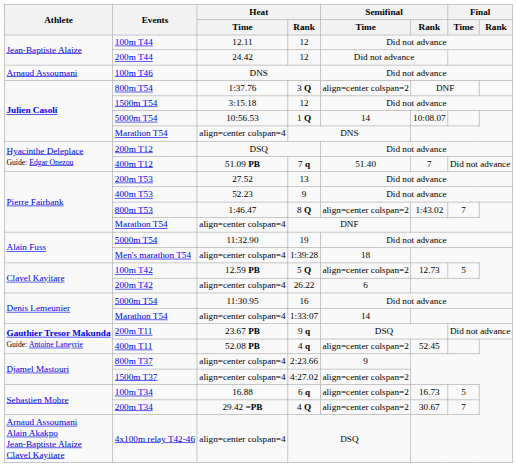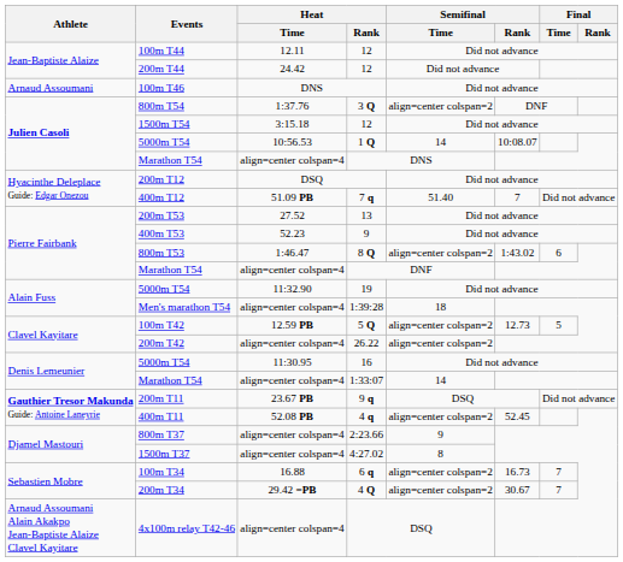 <table class=wikitable style="font-size:90%">
 <tr>
 <th rowspan="2">Athlete</th>
 <th rowspan="2">Events</th>
 <th colspan="2">Heat</th>
 <th colspan="2">Semifinal</th>
 <th colspan="2">Final</th>
 </tr>
 <tr>
 <th>Time</th>
 <th>Rank</th>
 <th>Time</th>
 <th>Rank</th>
 <th>Time</th>
 <th>Rank</th>
 </tr>
 <tr>
 <td align=left rowspan=2><a href='#'>Jean-Baptiste Alaize</a></td>
 <td align=left><a href='#'>100m T44</a></td>
 <td align=center>12.11</td>
 <td align=center>12</td>
 <td align=center colspan=4>Did not advance</td>
 </tr>
 <tr>
 <td align=left><a href='#'>200m T44</a></td>
 <td align=center>24.42</td>
 <td align=center>12</td>
 <td align=center colspan=2>Did not advance</td>
 </tr>
 <tr>
 <td align=left><a href='#'>Arnaud Assoumani</a></td>
 <td align=left><a href='#'>100m T46</a></td>
 <td align=center colspan=2>DNS</td>
 <td align=center colspan=4>Did not advance</td>
 </tr>
 <tr>
 <td align=left rowspan=4><strong><a href='#'>Julien Casoli</a></strong></td>
 <td align=left><a href='#'>800m T54</a></td>
 <td align=center>1:37.76</td>
 <td align=center>3 <strong>Q</strong></td>
 <td>align=center colspan=2 </td>
 <td align=center colspan=2>DNF</td>
 </tr>
 <tr>
 <td align=left><a href='#'>1500m T54</a></td>
 <td align=center>3:15.18</td>
 <td align=center>12</td>
 <td align=center colspan=4>Did not advance</td>
 </tr>
 <tr>
 <td align=left><a href='#'>5000m T54</a></td>
 <td align=center>10:56.53</td>
 <td align=center>1 <strong>Q</strong></td>
 <td align=center>14</td>
 <td align=center>10:08.07</td>
 <td align=center></td>
 </tr>
 <tr>
 <td align=left><a href='#'>Marathon T54</a></td>
 <td>align=center colspan=4 </td>
 <td align=center colspan=2>DNS</td>
 </tr>
 <tr>
 <td align=left rowspan=2><a href='#'>Hyacinthe Deleplace</a><br><small>Guide: <a href='#'>Edgar Onezou</a></small></td>
 <td align=left><a href='#'>200m T12</a></td>
 <td align=center colspan=2>DSQ</td>
 <td align=center colspan=4>Did not advance</td>
 </tr>
 <tr>
 <td align=left><a href='#'>400m T12</a></td>
 <td align=center>51.09 <strong>PB</strong></td>
 <td align=center>7 <strong>q</strong></td>
 <td align=center>51.40</td>
 <td align=center>7</td>
 <td align=center colspan=2>Did not advance</td>
 </tr>
 <tr>
 <td align=left rowspan=4><a href='#'>Pierre Fairbank</a></td>
 <td align=left><a href='#'>200m T53</a></td>
 <td align=center>27.52</td>
 <td align=center>13</td>
 <td align=center colspan=4>Did not advance</td>
 </tr>
 <tr>
 <td align=left><a href='#'>400m T53</a></td>
 <td align=center>52.23</td>
 <td align=center>9</td>
 <td align=center colspan=4>Did not advance</td>
 </tr>
 <tr>
 <td align=left><a href='#'>800m T53</a></td>
 <td align=center>1:46.47</td>
 <td align=center>8 <strong>Q</strong></td>
 <td>align=center colspan=2 </td>
 <td align=center>1:43.02</td>
-<td align=center>7</td>
+<td align=center>6</td>
 </tr>
 <tr>
 <td align=left><a href='#'>Marathon T54</a></td>
 <td>align=center colspan=4 </td>
 <td align=center colspan=2>DNF</td>
 </tr>
 <tr>
 <td align=left rowspan=2><a href='#'>Alain Fuss</a></td>
 <td align=left><a href='#'>5000m T54</a></td>
 <td align=center>11:32.90</td>
 <td align=center>19</td>
 <td align=center colspan=4>Did not advance</td>
 </tr>
 <tr>
 <td align=left><a href='#'>Men's marathon T54</a></td>
 <td>align=center colspan=4 </td>
 <td align=center>1:39:28</td>
 <td align=center>18</td>
 </tr>
 <tr>
 <td align=left rowspan=2><a href='#'>Clavel Kayitare</a></td>
 <td align=left><a href='#'>100m T42</a></td>
 <td align=center>12.59 <strong>PB</strong></td>
 <td align=center>5 <strong>Q</strong></td>
 <td>align=center colspan=2 </td>
 <td align=center>12.73</td>
 <td align=center>5</td>
 </tr>
 <tr>
 <td align=left><a href='#'>200m T42</a></td>
 <td>align=center colspan=4 </td>
 <td align=center>26.22</td>
-<td align=center>6</td>
+<td>align=center colspan=2 </td>
 </tr>
 <tr>
 <td align=left rowspan=2><a href='#'>Denis Lemeunier</a></td>
 <td align=left><a href='#'>5000m T54</a></td>
 <td align=center>11:30.95</td>
 <td align=center>16</td>
 <td align=center colspan=4>Did not advance</td>
 </tr>
 <tr>
 <td align=left><a href='#'>Marathon T54</a></td>
 <td>align=center colspan=4 </td>
 <td align=center>1:33:07</td>
 <td align=center>14</td>
 </tr>
 <tr>
 <td align=left rowspan=2><strong><a href='#'>Gauthier Tresor Makunda</a></strong><br><small>Guide: <a href='#'>Antoine Laneyrie</a></small></td>
 <td align=left><a href='#'>200m T11</a></td>
 <td align=center>23.67 <strong>PB</strong></td>
 <td align=center>9 <strong>q</strong></td>
 <td align=center colspan=2>DSQ</td>
 <td align=center colspan=2>Did not advance</td>
 </tr>
 <tr>
 <td align=left><a href='#'>400m T11</a></td>
 <td align=center>52.08 <strong>PB</strong></td>
 <td align=center>4 <strong>q</strong></td>
 <td>align=center colspan=2 </td>
 <td align=center>52.45</td>
 <td align=center></td>
 </tr>
 <tr a>
 <td align=left rowspan=2><a href='#'>Djamel Mastouri</a></td>
 <td align=left><a href='#'>800m T37</a></td>
 <td>align=center colspan=4 </td>
 <td align=center>2:23.66</td>
 <td align=center>9</td>
 </tr>
 <tr>
 <td align=left><a href='#'>1500m T37</a></td>
 <td>align=center colspan=4 </td>
 <td align=center>4:27.02</td>
-<td>align=center colspan=2 </td>
+<td align=center>8</td>
 </tr>
 <tr>
 <td align=left rowspan=2><a href='#'>Sebastien Mobre</a></td>
 <td align=left><a href='#'>100m T34</a></td>
 <td align=center>16.88</td>
 <td align=center>6 <strong>q</strong></td>
 <td>align=center colspan=2 </td>
 <td align=center>16.73</td>
-<td align=center>5</td>
+<td align=center>7</td>
 </tr>
 <tr>
 <td align=left><a href='#'>200m T34</a></td>
 <td align=center>29.42 <strong>=PB</strong></td>
 <td align=center>4 <strong>Q</strong></td>
 <td>align=center colspan=2 </td>
 <td align=center>30.67</td>
 <td align=center>7</td>
 </tr>
 <tr>
 <td align=left><a href='#'>Arnaud Assoumani</a><br> <a href='#'>Alain Akakpo</a><br> <a href='#'>Jean-Baptiste Alaize</a><br> <a href='#'>Clavel Kayitare</a></td>
 <td align=left><a href='#'>4x100m relay T42-46</a></td>
 <td>align=center colspan=4 </td>
 <td align=center colspan=2>DSQ</td>
 </tr>
 </table>
